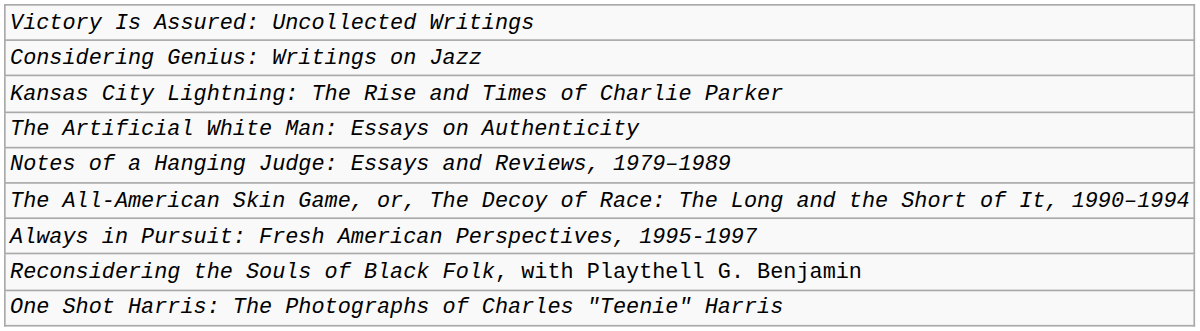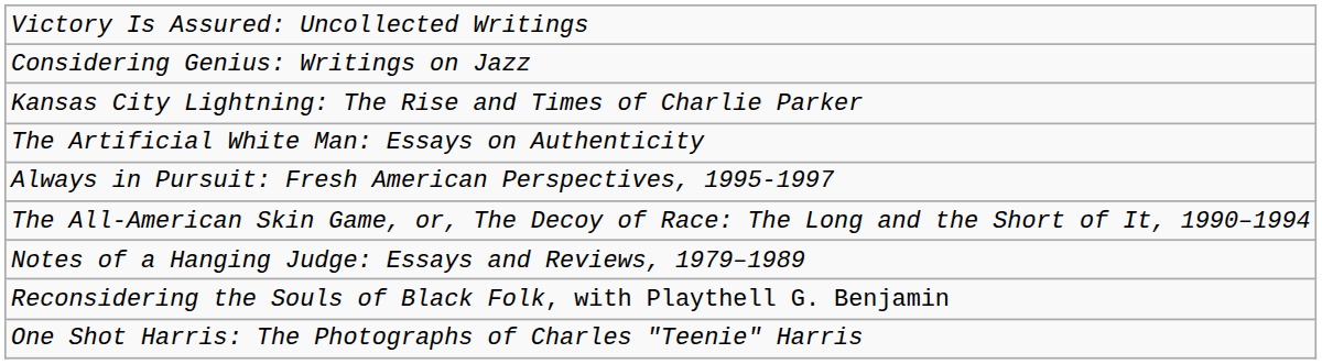 <table class="wikitable">
 <tr>
 <td><em>Victory Is Assured: Uncollected Writings</em></td>
 </tr>
 <tr>
 <td><em>Considering Genius: Writings on Jazz</em></td>
 </tr>
 <tr>
 <td><em>Kansas City Lightning: The Rise and Times of Charlie Parker</em></td>
 </tr>
 <tr>
 <td><em>The Artificial White Man: Essays on Authenticity</em></td>
 </tr>
 <tr>
-<td><em>Notes of a Hanging Judge: Essays and Reviews, 1979–1989</em></td>
+<td><em>Always in Pursuit: Fresh American Perspectives, 1995-1997</em></td>
 </tr>
 <tr>
 <td><em>The All-American Skin Game, or, The Decoy of Race: The Long and the Short of It, 1990–1994</em></td>
 </tr>
 <tr>
-<td><em>Always in Pursuit: Fresh American Perspectives, 1995-1997</em></td>
+<td><em>Notes of a Hanging Judge: Essays and Reviews, 1979–1989</em></td>
 </tr>
 <tr>
 <td><em>Reconsidering the Souls of Black Folk</em>, with Playthell G. Benjamin</td>
 </tr>
 <tr>
 <td><em>One Shot Harris: The Photographs of Charles "Teenie" Harris</em></td>
 </tr>
 </table>
